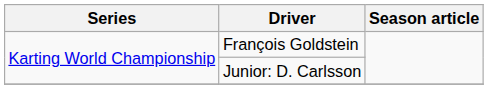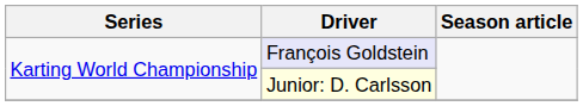 <table class="wikitable" style="font-size: 87%;">
 <tr>
 <th>Series</th>
 <th>Driver</th>
 <th>Season article</th>
 </tr>
 <tr>
 <td rowspan=2><a href='#'>Karting World Championship</a></td>
-<td> François Goldstein</td>
+<td style="background: lavender;"> François Goldstein</td>
 <td rowspan=2></td>
 </tr>
 <tr>
-<td>Junior:  D. Carlsson</td>
+<td style="background: lightyellow;">Junior:  D. Carlsson</td>
 </tr>
 <tr>
 </tr>
 </table>
